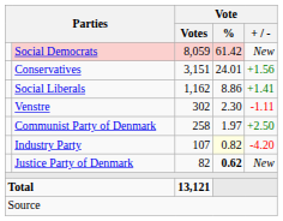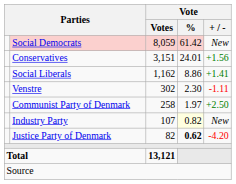 <table class="wikitable" style="text-align:right;">
 <tr>
 <th style="text-align:centre;" rowspan="2" colspan="2" width="225">Parties</th>
 <th colspan="3">Vote</th>
 </tr>
 <tr>
 <th width="15">Votes</th>
 <th width="15">%</th>
 <th width="15">+ / -</th>
 </tr>
 <tr>
 <td width="2" style="color:inherit;background:"></td>
 <td bgcolor=#fbd0ce  align="left"><a href='#'>Social Democrats</a></td>
 <td bgcolor=#fbd0ce>8,059</td>
 <td bgcolor=#fbd0ce>61.42</td>
 <td><em>New</em></td>
 </tr>
 <tr>
 <td width="2" style="color:inherit;background:"></td>
 <td align="left"><a href='#'>Conservatives</a></td>
 <td>3,151</td>
 <td>24.01</td>
 <td style=color:green;>+1.56</td>
 </tr>
 <tr>
 <td width="2" style="color:inherit;background:"></td>
 <td align="left"><a href='#'>Social Liberals</a></td>
 <td>1,162</td>
 <td>8.86</td>
 <td style=color:green;>+1.41</td>
 </tr>
 <tr>
 <td width="2" style="color:inherit;background:"></td>
 <td align="left"><a href='#'>Venstre</a></td>
 <td>302</td>
 <td>2.30</td>
 <td style=color:red;>-1.11</td>
 </tr>
 <tr>
 <td width="2" style="color:inherit;background:"></td>
 <td align="left"><a href='#'>Communist Party of Denmark</a></td>
 <td>258</td>
 <td>1.97</td>
 <td style=color:green;>+2.50</td>
 </tr>
 <tr>
 <td width="2" style="color:inherit;background:"></td>
 <td align="left"><a href='#'>Industry Party</a></td>
 <td>107</td>
 <td style="background: lightyellow;">0.82</td>
-<td style=color:red;>-4.20</td>
+<td><em>New</em></td>
 </tr>
 <tr>
 <td width="2" style="color:inherit;background:"></td>
 <td align="left"><a href='#'>Justice Party of Denmark</a></td>
 <td>82</td>
 <td><strong>0.62</strong></td>
-<td><em>New</em></td>
+<td style=color:red;>-4.20</td>
 </tr>
 <tr>
 <td colspan="7" bgcolor="#E9E9E9"></td>
 </tr>
 <tr>
 <td align="left" colspan="2"><strong>Total</strong></td>
 <td><strong>13,121</strong></td>
 <td bgcolor="#E9E9E9" colspan="2"></td>
 </tr>
 <tr>
 <td align="left" colspan="6">Source</td>
 </tr>
 </table>
